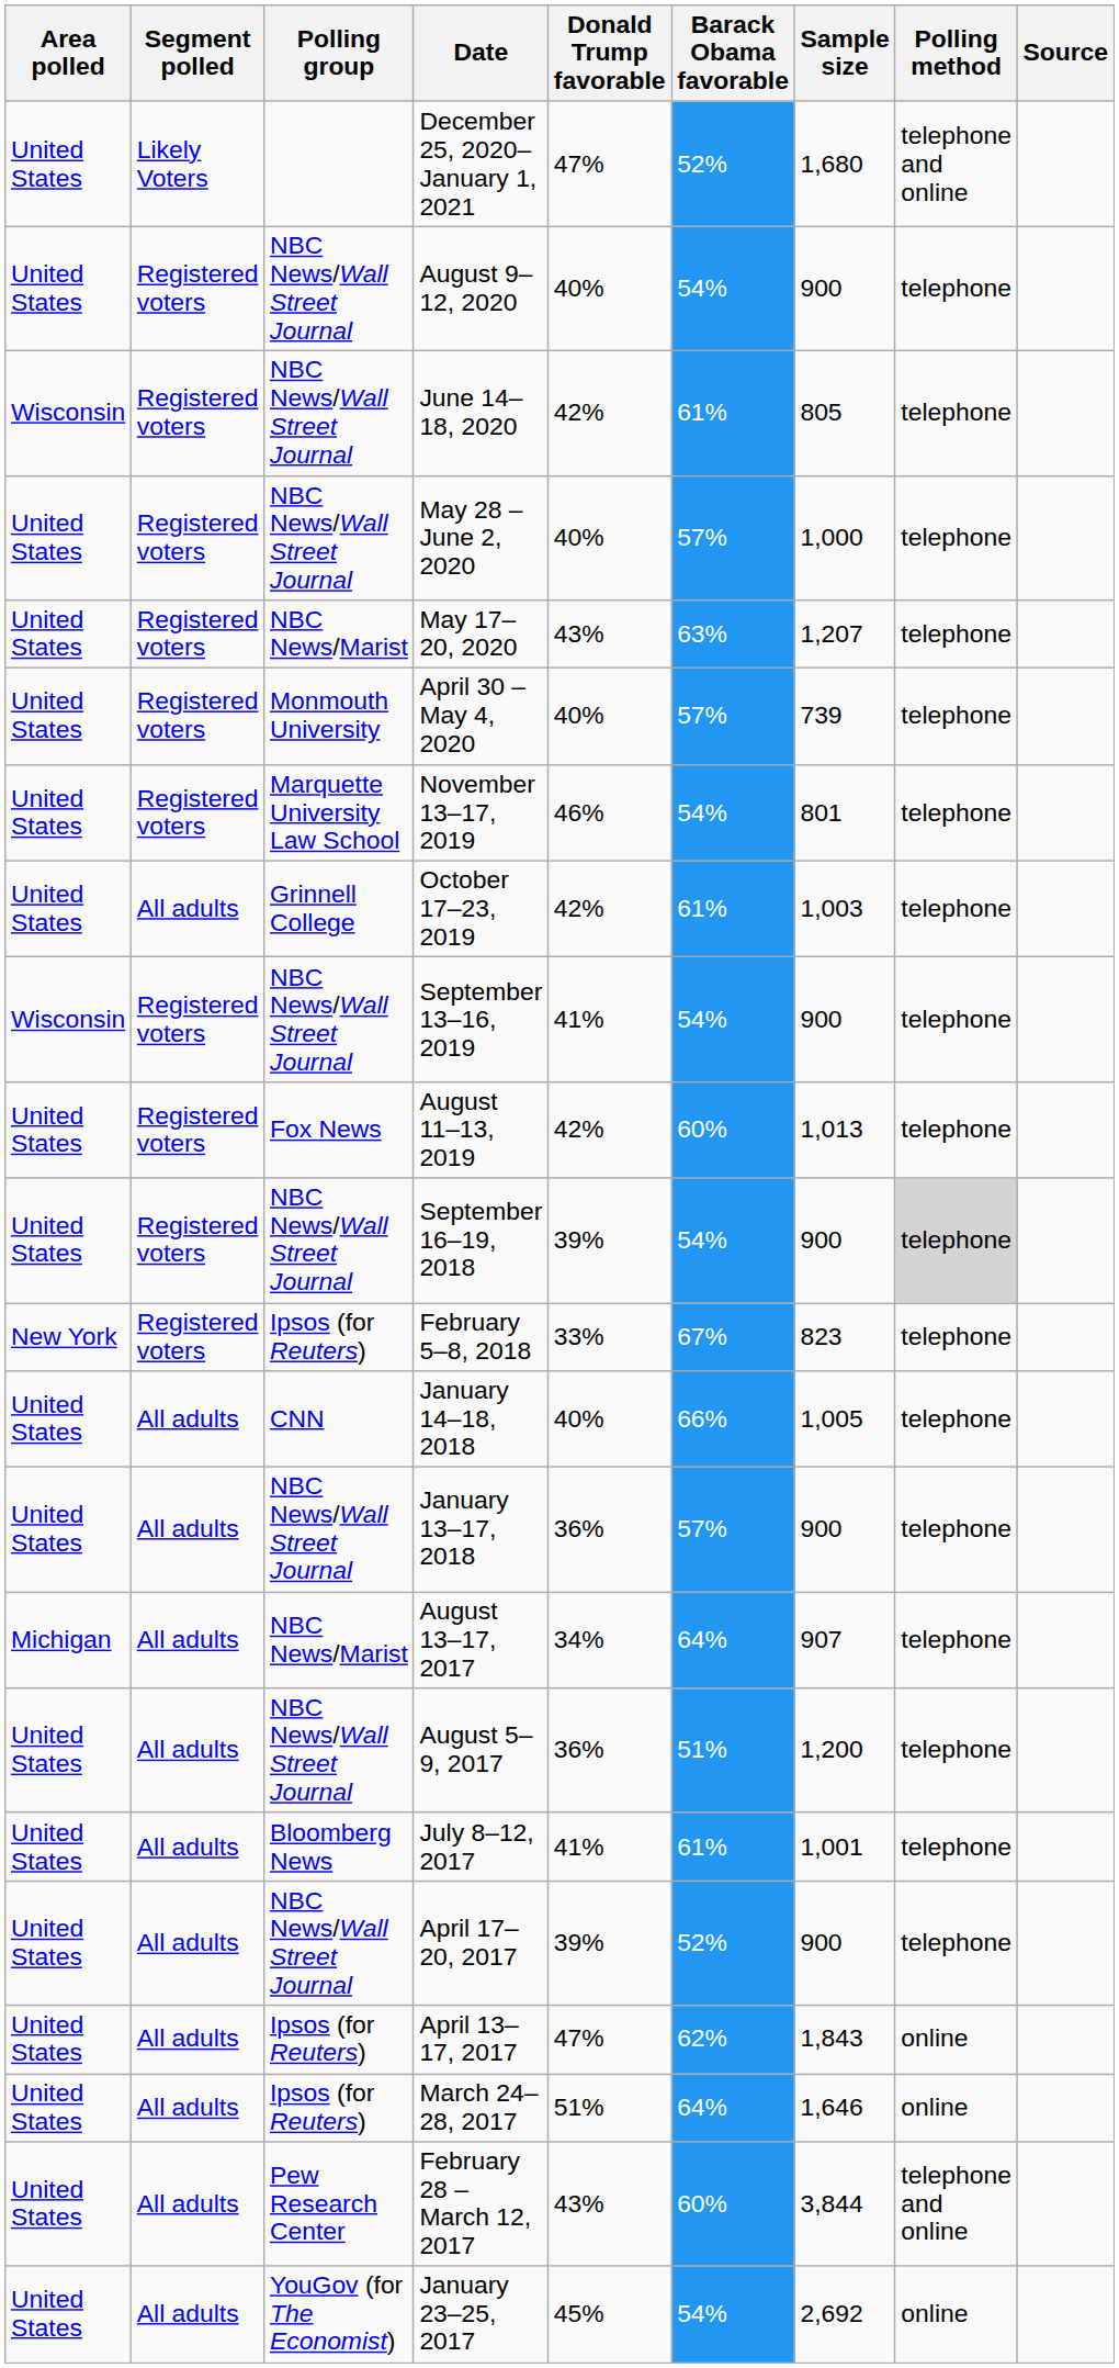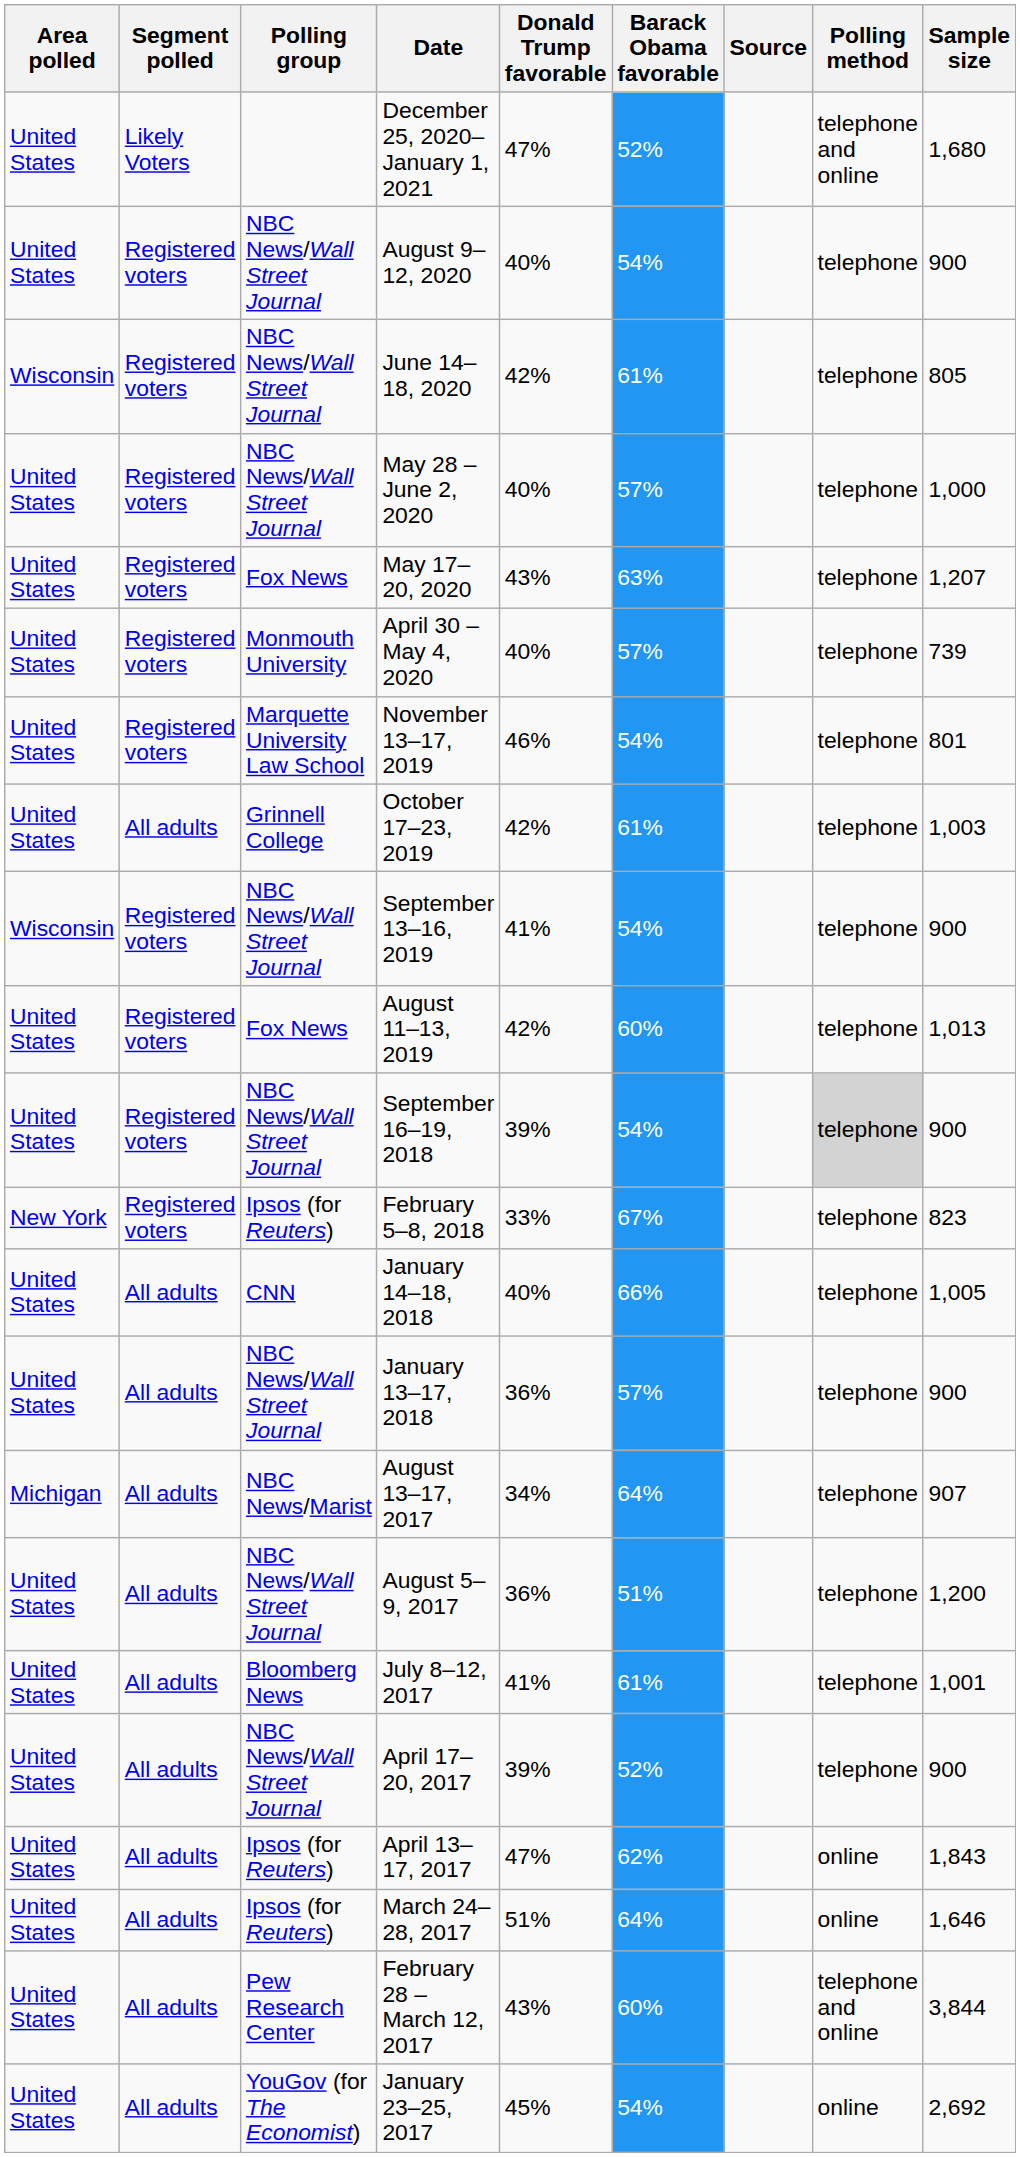 <table class="wikitable sortable" style="width: 75%;">
 <tr>
 <th>Area polled</th>
 <th>Segment polled</th>
 <th>Polling group</th>
 <th>Date</th>
 <th>Donald Trump favorable</th>
 <th>Barack Obama favorable</th>
+<th>Source</th>
+<th>Polling method</th>
 <th>Sample size</th>
-<th>Polling method</th>
-<th>Source</th>
 </tr>
 <tr>
 <td> <a href='#'>United States</a></td>
 <td><a href='#'>Likely Voters</a></td>
 <td></td>
 <td>December 25, 2020–January 1, 2021</td>
 <td>47%</td>
 <td style="background:#2196F3; color: white">52%</td>
+<td></td>
+<td>telephone and online</td>
 <td>1,680</td>
-<td>telephone and online</td>
-<td></td>
 </tr>
 <tr>
 <td> <a href='#'>United States</a></td>
 <td><a href='#'>Registered voters</a></td>
 <td><a href='#'>NBC News</a>/<em><a href='#'>Wall Street Journal</a></em></td>
 <td>August 9–12, 2020</td>
 <td>40%</td>
 <td style="background:#2196F3; color: white">54%</td>
+<td></td>
+<td>telephone</td>
 <td>900</td>
-<td>telephone</td>
-<td></td>
 </tr>
 <tr>
 <td> <a href='#'>Wisconsin</a></td>
 <td><a href='#'>Registered voters</a></td>
 <td><a href='#'>NBC News</a>/<em><a href='#'>Wall Street Journal</a></em></td>
 <td>June 14–18, 2020</td>
 <td>42%</td>
 <td style="background:#2196F3; color: white">61%</td>
+<td></td>
+<td>telephone</td>
 <td>805</td>
-<td>telephone</td>
-<td></td>
 </tr>
 <tr>
 <td> <a href='#'>United States</a></td>
 <td><a href='#'>Registered voters</a></td>
 <td><a href='#'>NBC News</a>/<em><a href='#'>Wall Street Journal</a></em></td>
 <td>May 28 – June 2, 2020</td>
 <td>40%</td>
 <td style="background:#2196F3; color: white">57%</td>
+<td></td>
+<td>telephone</td>
 <td>1,000</td>
-<td>telephone</td>
-<td></td>
 </tr>
 <tr>
 <td> <a href='#'>United States</a></td>
 <td><a href='#'>Registered voters</a></td>
-<td><a href='#'>NBC News</a>/<a href='#'>Marist</a></td>
+<td><a href='#'>Fox News</a></td>
 <td>May 17–20, 2020</td>
 <td>43%</td>
 <td style="background:#2196F3; color: white">63%</td>
+<td></td>
+<td>telephone</td>
 <td>1,207</td>
-<td>telephone</td>
-<td></td>
 </tr>
 <tr>
 <td> <a href='#'>United States</a></td>
 <td><a href='#'>Registered voters</a></td>
 <td><a href='#'>Monmouth University</a></td>
 <td>April 30 – May 4, 2020</td>
 <td>40%</td>
 <td style="background:#2196F3; color: white">57%</td>
+<td></td>
+<td>telephone</td>
 <td>739</td>
-<td>telephone</td>
-<td></td>
 </tr>
 <tr>
 <td> <a href='#'>United States</a></td>
 <td><a href='#'>Registered voters</a></td>
 <td><a href='#'>Marquette University Law School</a></td>
 <td>November 13–17, 2019</td>
 <td>46%</td>
 <td style="background:#2196F3; color: white">54%</td>
+<td></td>
+<td>telephone</td>
 <td>801</td>
-<td>telephone</td>
-<td></td>
 </tr>
 <tr>
 <td> <a href='#'>United States</a></td>
 <td><a href='#'>All adults</a></td>
 <td><a href='#'>Grinnell College</a></td>
 <td>October 17–23, 2019</td>
 <td>42%</td>
 <td style="background:#2196F3; color: white">61%</td>
+<td></td>
+<td>telephone</td>
 <td>1,003</td>
-<td>telephone</td>
-<td></td>
 </tr>
 <tr>
 <td> <a href='#'>Wisconsin</a></td>
 <td><a href='#'>Registered voters</a></td>
 <td><a href='#'>NBC News</a>/<em><a href='#'>Wall Street Journal</a></em></td>
 <td>September 13–16, 2019</td>
 <td>41%</td>
 <td style="background:#2196F3; color: white">54%</td>
+<td></td>
+<td>telephone</td>
 <td>900</td>
-<td>telephone</td>
-<td></td>
 </tr>
 <tr>
 <td> <a href='#'>United States</a></td>
 <td><a href='#'>Registered voters</a></td>
 <td><a href='#'>Fox News</a></td>
 <td>August 11–13, 2019</td>
 <td>42%</td>
 <td style="background:#2196F3; color: white">60%</td>
+<td></td>
+<td>telephone</td>
 <td>1,013</td>
-<td>telephone</td>
-<td></td>
 </tr>
 <tr>
 <td> <a href='#'>United States</a></td>
 <td><a href='#'>Registered voters</a></td>
 <td><a href='#'>NBC News</a>/<em><a href='#'>Wall Street Journal</a></em></td>
 <td>September 16–19, 2018</td>
 <td>39%</td>
 <td style="background:#2196F3; color: white">54%</td>
+<td></td>
+<td style="background: lightgrey;">telephone</td>
 <td>900</td>
-<td style="background: lightgrey;">telephone</td>
-<td></td>
 </tr>
 <tr>
 <td> <a href='#'>New York</a></td>
 <td><a href='#'>Registered voters</a></td>
 <td><a href='#'>Ipsos</a> (for <em><a href='#'>Reuters</a></em>)</td>
 <td>February 5–8, 2018</td>
 <td>33%</td>
 <td style="background:#2196F3; color: white">67%</td>
+<td></td>
+<td>telephone</td>
 <td>823</td>
-<td>telephone</td>
-<td></td>
 </tr>
 <tr>
 <td> <a href='#'>United States</a></td>
 <td><a href='#'>All adults</a></td>
 <td><a href='#'>CNN</a></td>
 <td>January 14–18, 2018</td>
 <td>40%</td>
 <td style="background:#2196F3; color: white">66%</td>
+<td></td>
+<td>telephone</td>
 <td>1,005</td>
-<td>telephone</td>
-<td></td>
 </tr>
 <tr>
 <td> <a href='#'>United States</a></td>
 <td><a href='#'>All adults</a></td>
 <td><a href='#'>NBC News</a>/<em><a href='#'>Wall Street Journal</a></em></td>
 <td>January 13–17, 2018</td>
 <td>36%</td>
 <td style="background:#2196F3; color: white">57%</td>
+<td></td>
+<td>telephone</td>
 <td>900</td>
-<td>telephone</td>
-<td></td>
 </tr>
 <tr>
 <td> <a href='#'>Michigan</a></td>
 <td><a href='#'>All adults</a></td>
 <td><a href='#'>NBC News</a>/<a href='#'>Marist</a></td>
 <td>August 13–17, 2017</td>
 <td>34%</td>
 <td style="background:#2196F3; color: white">64%</td>
+<td></td>
+<td>telephone</td>
 <td>907</td>
-<td>telephone</td>
-<td></td>
 </tr>
 <tr>
 <td> <a href='#'>United States</a></td>
 <td><a href='#'>All adults</a></td>
 <td><a href='#'>NBC News</a>/<em><a href='#'>Wall Street Journal</a></em></td>
 <td>August 5–9, 2017</td>
 <td>36%</td>
 <td style="background:#2196F3; color: white">51%</td>
+<td></td>
+<td>telephone</td>
 <td>1,200</td>
-<td>telephone</td>
-<td></td>
 </tr>
 <tr>
 <td> <a href='#'>United States</a></td>
 <td><a href='#'>All adults</a></td>
 <td><a href='#'>Bloomberg News</a></td>
 <td>July 8–12, 2017</td>
 <td>41%</td>
 <td style="background:#2196F3; color: white">61%</td>
+<td></td>
+<td>telephone</td>
 <td>1,001</td>
-<td>telephone</td>
-<td></td>
 </tr>
 <tr>
 <td> <a href='#'>United States</a></td>
 <td><a href='#'>All adults</a></td>
 <td><a href='#'>NBC News</a>/<em><a href='#'>Wall Street Journal</a></em></td>
 <td>April 17–20, 2017</td>
 <td>39%</td>
 <td style="background:#2196F3; color: white">52%</td>
+<td></td>
+<td>telephone</td>
 <td>900</td>
-<td>telephone</td>
-<td></td>
 </tr>
 <tr>
 <td> <a href='#'>United States</a></td>
 <td><a href='#'>All adults</a></td>
 <td><a href='#'>Ipsos</a> (for <em><a href='#'>Reuters</a></em>)</td>
 <td>April 13–17, 2017</td>
 <td>47%</td>
 <td style="background:#2196F3; color: white">62%</td>
+<td></td>
+<td>online</td>
 <td>1,843</td>
-<td>online</td>
-<td></td>
 </tr>
 <tr>
 <td> <a href='#'>United States</a></td>
 <td><a href='#'>All adults</a></td>
 <td><a href='#'>Ipsos</a> (for <em><a href='#'>Reuters</a></em>)</td>
 <td>March 24–28, 2017</td>
 <td>51%</td>
 <td style="background:#2196F3; color: white">64%</td>
+<td></td>
+<td>online</td>
 <td>1,646</td>
-<td>online</td>
-<td></td>
 </tr>
 <tr>
 <td> <a href='#'>United States</a></td>
 <td><a href='#'>All adults</a></td>
 <td><a href='#'>Pew Research Center</a></td>
 <td>February 28 – March 12, 2017</td>
 <td>43%</td>
 <td style="background:#2196F3; color: white">60%</td>
+<td></td>
+<td>telephone and online</td>
 <td>3,844</td>
-<td>telephone and online</td>
-<td></td>
 </tr>
 <tr>
 <td> <a href='#'>United States</a></td>
 <td><a href='#'>All adults</a></td>
 <td><a href='#'>YouGov</a> (for <em><a href='#'>The Economist</a></em>)</td>
 <td>January 23–25, 2017</td>
 <td>45%</td>
 <td style="background:#2196F3; color: white">54%</td>
+<td></td>
+<td>online</td>
 <td>2,692</td>
-<td>online</td>
-<td></td>
 </tr>
 </table>
